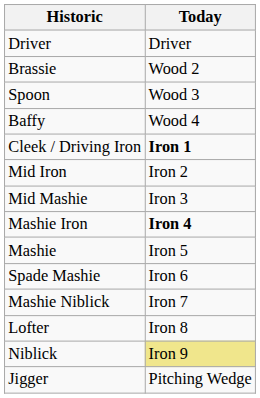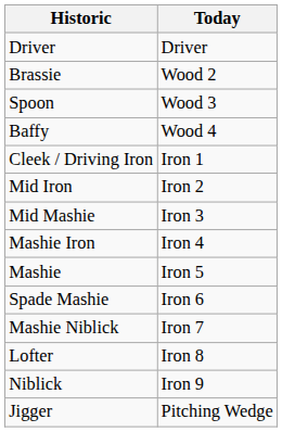 <table class="wikitable">
 <tr>
 <th>Historic</th>
 <th>Today</th>
 </tr>
 <tr>
 <td>Driver</td>
 <td>Driver</td>
 </tr>
 <tr>
 <td>Brassie</td>
 <td>Wood 2</td>
 </tr>
 <tr>
 <td>Spoon</td>
 <td>Wood 3</td>
 </tr>
 <tr>
 <td>Baffy</td>
 <td>Wood 4</td>
 </tr>
 <tr>
 <td>Cleek / Driving Iron</td>
-<td><strong>Iron 1</strong></td>
+<td>Iron 1</td>
 </tr>
 <tr>
 <td>Mid Iron</td>
 <td>Iron 2</td>
 </tr>
 <tr>
 <td>Mid Mashie</td>
 <td>Iron 3</td>
 </tr>
 <tr>
 <td>Mashie Iron</td>
-<td><strong>Iron 4</strong></td>
+<td>Iron 4</td>
 </tr>
 <tr>
 <td>Mashie</td>
 <td>Iron 5</td>
 </tr>
 <tr>
 <td>Spade Mashie</td>
 <td>Iron 6</td>
 </tr>
 <tr>
 <td>Mashie Niblick</td>
 <td>Iron 7</td>
 </tr>
 <tr>
 <td>Lofter</td>
 <td>Iron 8</td>
 </tr>
 <tr>
 <td>Niblick</td>
-<td style="background: khaki;">Iron 9</td>
+<td>Iron 9</td>
 </tr>
 <tr>
 <td>Jigger</td>
 <td>Pitching Wedge</td>
 </tr>
 </table>
